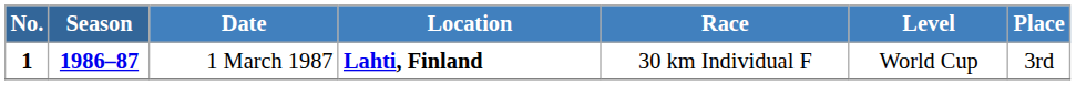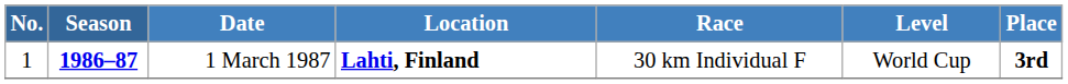 <table class="wikitable sortable" style="font-size:95%; text-align:center; border:grey solid 1px; border-collapse:collapse; background:#ffffff;">
 <tr style="background:#efefef;">
 <th style="background-color:#369; color:white;">No.</th>
 <th style="background-color:#369; color:white;">Season</th>
 <th style="background-color:#4180be; color:white; width:120px;">Date</th>
 <th style="background-color:#4180be; color:white; width:170px;">Location</th>
 <th style="background-color:#4180be; color:white; width:160px;">Race</th>
 <th style="background-color:#4180be; color:white; width:100px;">Level</th>
 <th style="background-color:#4180be; color:white;">Place</th>
 </tr>
 <tr>
-<td align=center><strong>1</strong></td>
+<td align=center>1</td>
 <td rowspan=1 align=center><strong> <a href='#'>1986–87</a> </strong></td>
 <td align=right>1 March 1987</td>
 <td align=left><strong> <a href='#'>Lahti</a>, Finland</strong></td>
 <td>30 km Individual F</td>
 <td>World Cup</td>
-<td>3rd</td>
+<td><strong>3rd</strong></td>
 </tr>
 <tr>
 </tr>
 </table>
